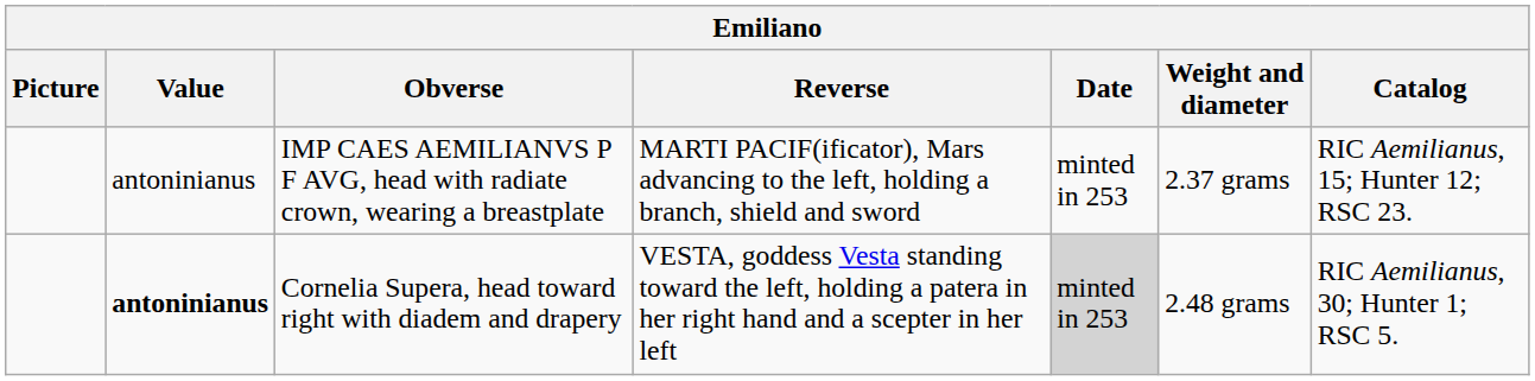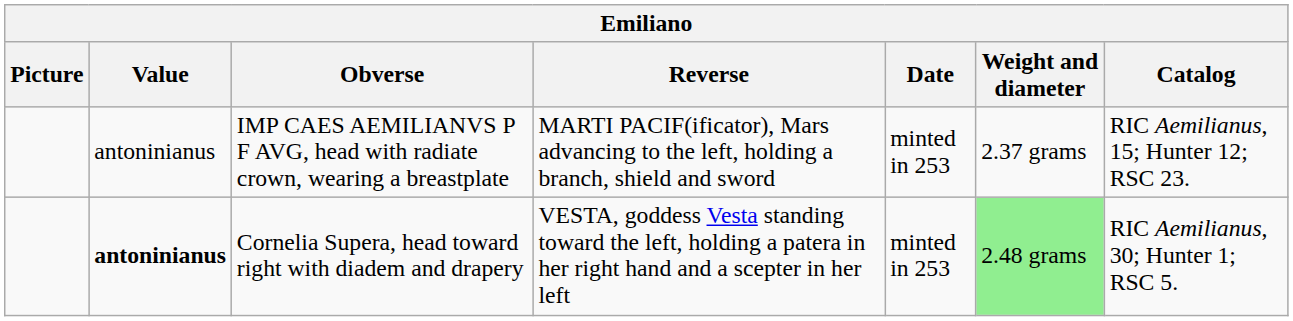 <table class="wikitable">
 <tr>
 <th colspan="7">Emiliano</th>
 </tr>
 <tr>
 <th>Picture</th>
 <th>Value</th>
 <th>Obverse</th>
 <th>Reverse</th>
 <th>Date</th>
 <th>Weight and diameter</th>
 <th>Catalog</th>
 </tr>
 <tr>
 <td></td>
 <td>antoninianus</td>
 <td>IMP CAES AEMILIANVS P F AVG, head with radiate crown, wearing a breastplate</td>
 <td>MARTI PACIF(ificator), Mars advancing to the left, holding a branch, shield and sword</td>
 <td>minted in 253</td>
 <td>2.37 grams</td>
 <td>RIC <em>Aemilianus</em>, 15; Hunter 12; RSC 23.</td>
 </tr>
 <tr>
 <td></td>
 <td><strong>antoninianus</strong></td>
 <td>Cornelia Supera, head toward right with diadem and drapery</td>
 <td>VESTA, goddess <a href='#'>Vesta</a> standing toward the left, holding a patera in her right hand and a scepter in her left</td>
-<td style="background: lightgrey;">minted in 253</td>
-<td>2.48 grams</td>
+<td>minted in 253</td>
+<td style="background: lightgreen;">2.48 grams</td>
 <td>RIC <em>Aemilianus</em>, 30; Hunter 1; RSC 5.</td>
 </tr>
 </table>
